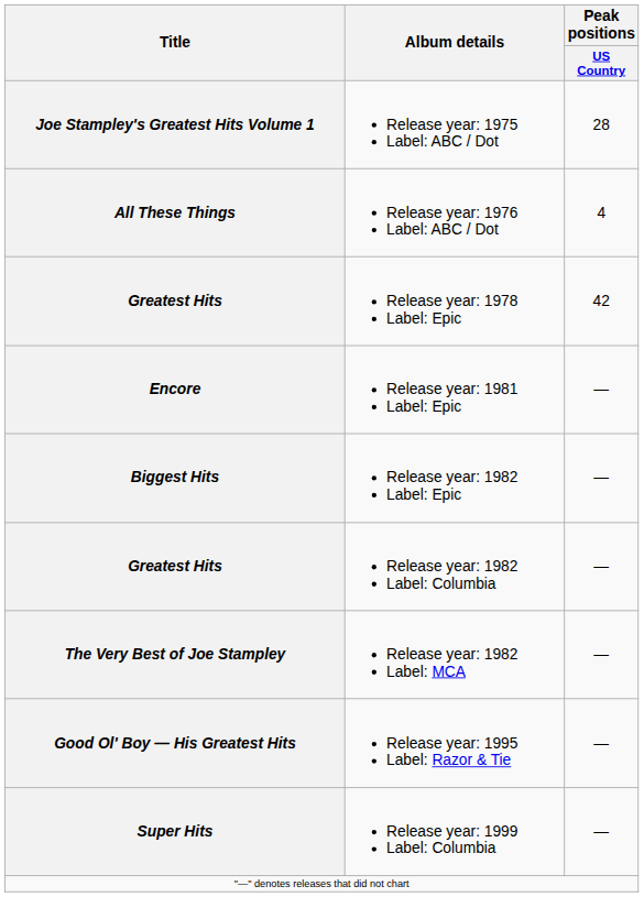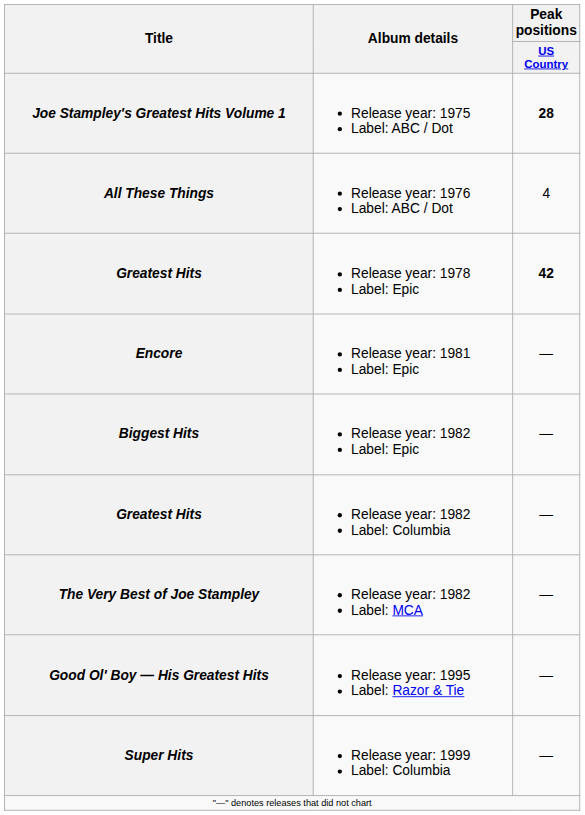 <table class="wikitable plainrowheaders" style="text-align:center;">
 <tr>
 <th rowspan="2" style="width:22em;">Title</th>
 <th rowspan="2" style="width:14em;">Album details</th>
 <th>Peak positions</th>
 </tr>
 <tr style="font-size:smaller;">
 <th width="65"><a href='#'>US Country</a><br></th>
 </tr>
 <tr>
 <th scope="row"><em>Joe Stampley's Greatest Hits Volume 1</em></th>
 <td align="left"><br><ul><li>Release year: 1975</li><li>Label: ABC / Dot</li></ul></td>
-<td>28</td>
+<td><strong>28</strong></td>
 </tr>
 <tr>
 <th scope="row"><em>All These Things</em></th>
 <td align="left"><br><ul><li>Release year: 1976</li><li>Label: ABC / Dot</li></ul></td>
 <td>4</td>
 </tr>
 <tr>
 <th scope="row"><em>Greatest Hits</em></th>
 <td align="left"><br><ul><li>Release year: 1978</li><li>Label: Epic</li></ul></td>
-<td>42</td>
+<td><strong>42</strong></td>
 </tr>
 <tr>
 <th scope="row"><em>Encore</em></th>
 <td align="left"><br><ul><li>Release year: 1981</li><li>Label: Epic</li></ul></td>
 <td>—</td>
 </tr>
 <tr>
 <th scope="row"><em>Biggest Hits</em></th>
 <td align="left"><br><ul><li>Release year: 1982</li><li>Label: Epic</li></ul></td>
 <td>—</td>
 </tr>
 <tr>
 <th scope="row"><em>Greatest Hits</em><br></th>
 <td align="left"><br><ul><li>Release year: 1982</li><li>Label: Columbia</li></ul></td>
 <td>—</td>
 </tr>
 <tr>
 <th scope="row"><em>The Very Best of Joe Stampley</em></th>
 <td align="left"><br><ul><li>Release year: 1982</li><li>Label: <a href='#'>MCA</a></li></ul></td>
 <td>—</td>
 </tr>
 <tr>
 <th scope="row"><em>Good Ol' Boy — His Greatest Hits</em></th>
 <td align="left"><br><ul><li>Release year: 1995</li><li>Label: <a href='#'>Razor & Tie</a></li></ul></td>
 <td>—</td>
 </tr>
 <tr>
 <th scope="row"><em>Super Hits</em><br></th>
 <td align="left"><br><ul><li>Release year: 1999</li><li>Label: Columbia</li></ul></td>
 <td>—</td>
 </tr>
 <tr>
 <td colspan="3" style="font-size:8pt">"—" denotes releases that did not chart</td>
 </tr>
 </table>
